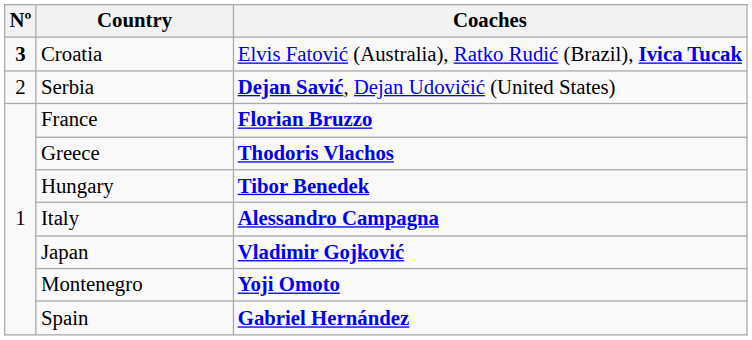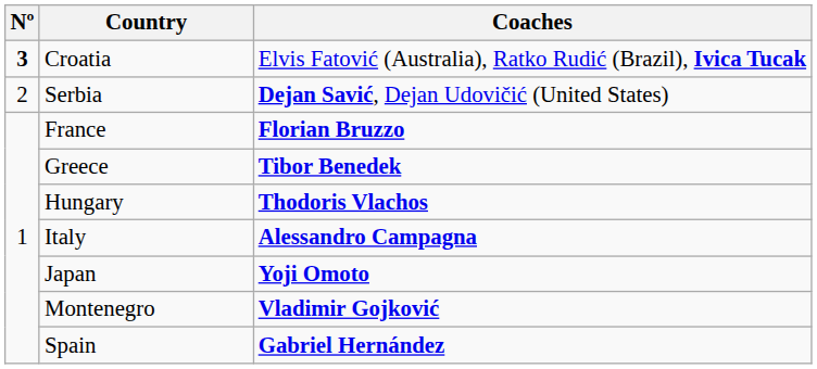 <table class="wikitable">
 <tr>
 <th>Nº</th>
 <th style=width:9em>Country</th>
 <th>Coaches</th>
 </tr>
 <tr>
 <td align="center" rowspan="1"><strong>3</strong></td>
 <td> Croatia</td>
 <td><a href='#'>Elvis Fatović</a> (Australia), <a href='#'>Ratko Rudić</a> (Brazil), <strong><a href='#'>Ivica Tucak</a></strong></td>
 </tr>
 <tr>
 <td align="center" rowspan="1">2</td>
 <td> Serbia</td>
 <td><strong><a href='#'>Dejan Savić</a></strong>, <a href='#'>Dejan Udovičić</a> (United States)</td>
 </tr>
 <tr>
 <td align="center" rowspan="7">1</td>
 <td> France</td>
 <td><strong><a href='#'>Florian Bruzzo</a></strong></td>
 </tr>
 <tr>
 <td> Greece</td>
-<td><strong><a href='#'>Thodoris Vlachos</a></strong></td>
+<td><strong><a href='#'>Tibor Benedek</a></strong></td>
 </tr>
 <tr>
 <td> Hungary</td>
-<td><strong><a href='#'>Tibor Benedek</a></strong></td>
+<td><strong><a href='#'>Thodoris Vlachos</a></strong></td>
 </tr>
 <tr>
 <td> Italy</td>
 <td><strong><a href='#'>Alessandro Campagna</a></strong></td>
 </tr>
 <tr>
 <td> Japan</td>
-<td><strong><a href='#'>Vladimir Gojković</a></strong></td>
+<td><strong><a href='#'>Yoji Omoto</a></strong></td>
 </tr>
 <tr>
 <td> Montenegro</td>
-<td><strong><a href='#'>Yoji Omoto</a></strong></td>
+<td><strong><a href='#'>Vladimir Gojković</a></strong></td>
 </tr>
 <tr>
 <td> Spain</td>
 <td><strong><a href='#'>Gabriel Hernández</a></strong></td>
 </tr>
 </table>
